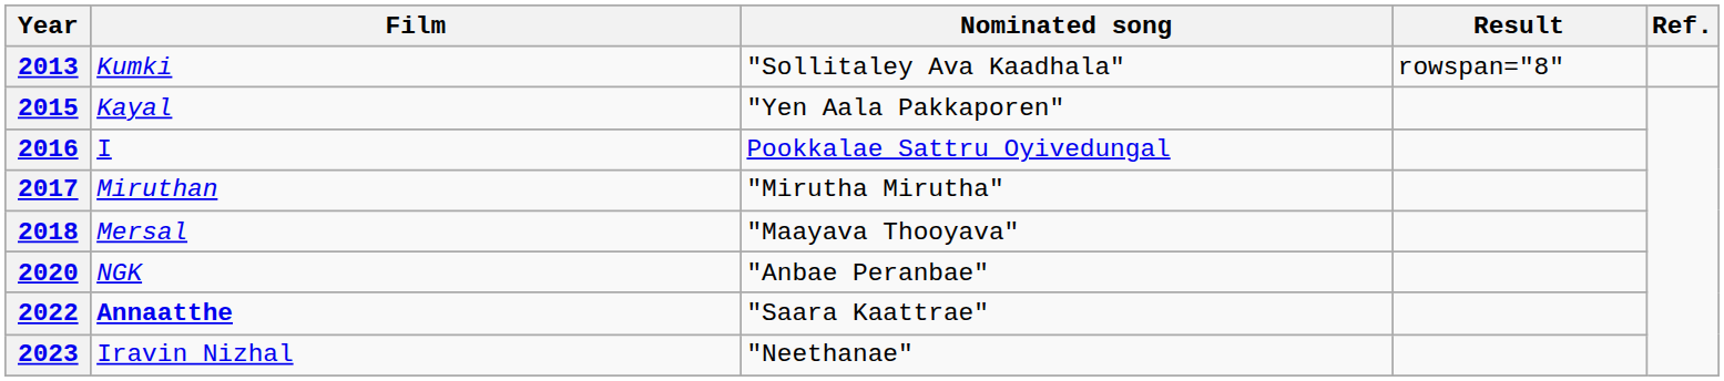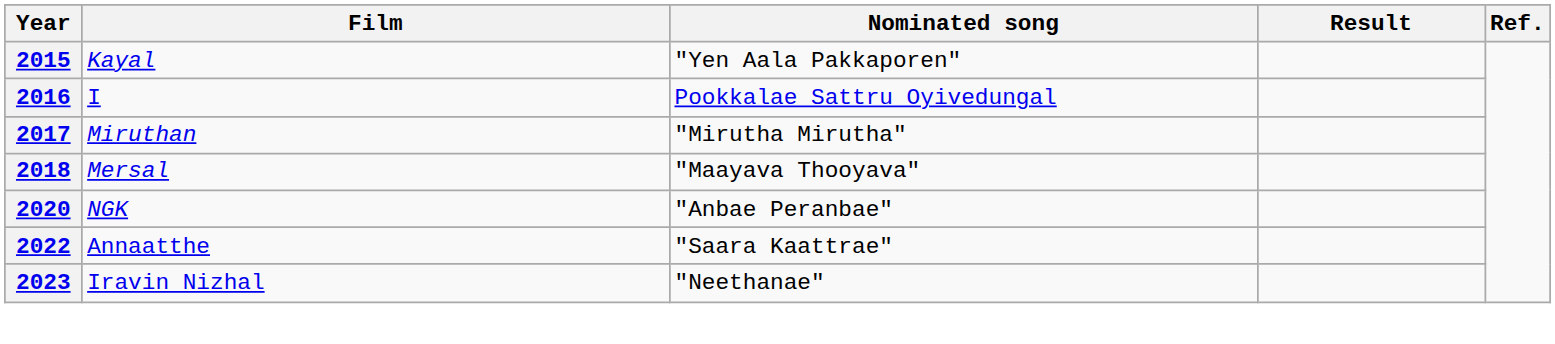 <table class="wikitable plainrowheaders" width="100%" textcolor:#000;">
 <tr>
 <th scope="col" width=5%><strong>Year</strong></th>
 <th scope="col" width=39%><strong>Film</strong></th>
 <th scope="col" width=39%><strong>Nominated song</strong></th>
 <th scope="col" width=15%><strong>Result</strong></th>
 <th scope="col" width=2%><strong>Ref.</strong></th>
-</tr>
-<tr>
-<th scope="row"><a href='#'>2013</a></th>
-<td><em><a href='#'>Kumki</a></em></td>
-<td>"Sollitaley Ava Kaadhala"</td>
-<td>rowspan="8" </td>
-<td></td>
 </tr>
 <tr>
 <th scope="row"><a href='#'>2015</a></th>
 <td><em><a href='#'>Kayal</a> </em></td>
 <td>"Yen Aala Pakkaporen"</td>
 <td></td>
 </tr>
 <tr>
 <th scope="row"><a href='#'>2016</a></th>
 <td><a href='#'>I</a></td>
 <td><a href='#'>Pookkalae Sattru Oyivedungal</a></td>
 <td></td>
 </tr>
 <tr>
 <th scope="row"><a href='#'>2017</a></th>
 <td><em><a href='#'>Miruthan</a></em></td>
 <td>"Mirutha Mirutha"</td>
 <td></td>
 </tr>
 <tr>
 <th scope="row"><a href='#'>2018</a></th>
 <td><em><a href='#'>Mersal</a></em></td>
 <td>"Maayava Thooyava"</td>
 <td></td>
 </tr>
 <tr>
 <th scope="row"><a href='#'>2020</a></th>
 <td><em><a href='#'>NGK</a></em></td>
 <td>"Anbae Peranbae"</td>
 <td></td>
 </tr>
 <tr>
 <th scope="row"><a href='#'>2022</a></th>
-<td><strong><a href='#'>Annaatthe</a></strong></td>
+<td><a href='#'>Annaatthe</a></td>
 <td>"Saara Kaattrae"</td>
 <td></td>
 </tr>
 <tr>
 <th scope="row"><a href='#'>2023</a></th>
 <td><a href='#'>Iravin Nizhal</a></td>
 <td>"Neethanae"</td>
 <td></td>
 </tr>
 </table>
